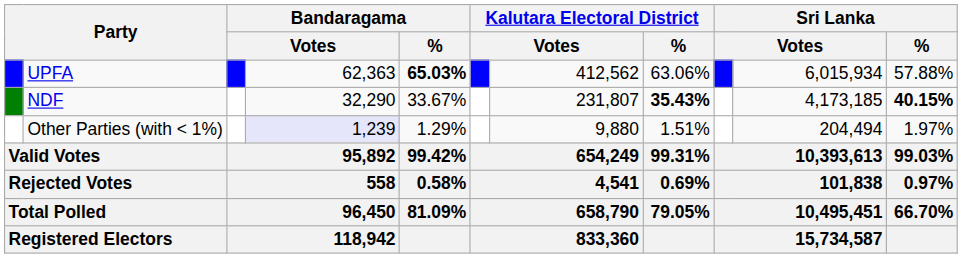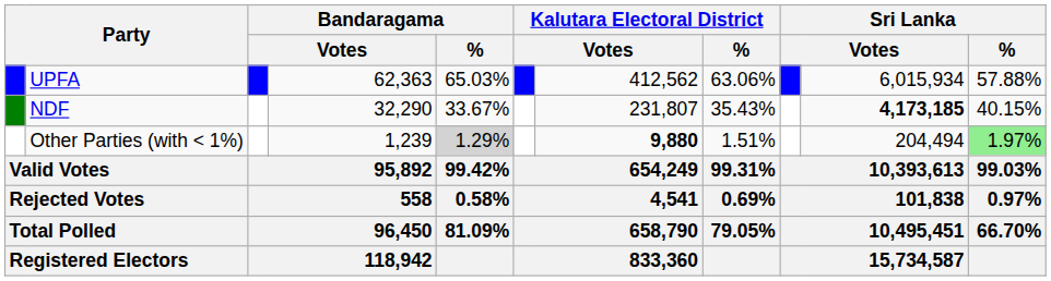 <table class="wikitable">
 <tr>
 <th colspan="2" width="144px"rowspan="2">Party</th>
 <th colspan="3" width="216px">Bandaragama</th>
 <th colspan="3" width="216px"><a href='#'>Kalutara Electoral District</a></th>
 <th colspan="3" width="216px">Sri Lanka</th>
 </tr>
 <tr>
 <th colspan="2" width="144px">Votes</th>
 <th>%</th>
 <th colspan="2" width="144px">Votes</th>
 <th>%</th>
 <th colspan="2" width="144px">Votes</th>
 <th>%</th>
 </tr>
 <tr>
 <td style="background-color:blue;" width="10px"></td>
 <td style="text-align:left;"><a href='#'>UPFA</a></td>
 <td style="background-color:blue;" width="10px"></td>
 <td style="text-align:right;">62,363</td>
-<td style="text-align:right;"><strong>65.03%</strong></td>
+<td style="text-align:right;">65.03%</td>
 <td style="background-color:blue;" width="10px"></td>
 <td style="text-align:right;">412,562</td>
 <td style="text-align:right;">63.06%</td>
 <td style="background-color:blue;" width="10px"></td>
 <td style="text-align:right;">6,015,934</td>
 <td style="text-align:right;">57.88%</td>
 </tr>
 <tr>
 <td style="background-color:green;" width="10px"></td>
 <td style="text-align:left;"><a href='#'>NDF</a></td>
 <td style="background-color:white;" width="10px"></td>
 <td style="text-align:right;">32,290</td>
 <td style="text-align:right;">33.67%</td>
 <td style="background-color:white;" width="10px"></td>
 <td style="text-align:right;">231,807</td>
-<td style="text-align:right;"><strong>35.43%</strong></td>
+<td style="text-align:right;">35.43%</td>
 <td style="background-color:white;" width="10px"></td>
-<td style="text-align:right;">4,173,185</td>
-<td style="text-align:right;"><strong>40.15%</strong></td>
+<td style="text-align:right;"><strong>4,173,185</strong></td>
+<td style="text-align:right;">40.15%</td>
 </tr>
 <tr>
 <td style="background-color:white;" width="10px"></td>
 <td style="text-align:left;">Other Parties (with < 1%)</td>
 <td style="background-color:white;" width="10px"></td>
-<td style="background: lavender; text-align:right;">1,239</td>
-<td style="text-align:right;">1.29%</td>
+<td style="text-align:right;">1,239</td>
+<td style="background: lightgrey; text-align:right;">1.29%</td>
 <td style="background-color:white;" width="10px"></td>
-<td style="text-align:right;">9,880</td>
+<td style="text-align:right;"><strong>9,880</strong></td>
 <td style="text-align:right;">1.51%</td>
 <td style="background-color:white;" width="10px"></td>
 <td style="text-align:right;">204,494</td>
-<td style="text-align:right;">1.97%</td>
+<td style="background: lightgreen; text-align:right;">1.97%</td>
 </tr>
 <tr>
 <th colspan="2" width="144px"style="text-align:left;">Valid Votes</th>
 <th style="text-align:right;"colspan="2" width="144px">95,892</th>
 <th style="text-align:right;">99.42%</th>
 <th style="text-align:right;"colspan="2" width="144px">654,249</th>
 <th style="text-align:right;">99.31%</th>
 <th style="text-align:right;"colspan="2" width="144px">10,393,613</th>
 <th style="text-align:right;">99.03%</th>
 </tr>
 <tr>
 <th colspan="2" width="144px"style="text-align:left;">Rejected Votes</th>
 <th style="text-align:right;"colspan="2" width="144px">558</th>
 <th style="text-align:right;">0.58%</th>
 <th style="text-align:right;"colspan="2" width="144px">4,541</th>
 <th style="text-align:right;">0.69%</th>
 <th style="text-align:right;"colspan="2" width="144px">101,838</th>
 <th style="text-align:right;">0.97%</th>
 </tr>
 <tr>
 <th colspan="2" width="144px"style="text-align:left;">Total Polled</th>
 <th style="text-align:right;"colspan="2" width="144px">96,450</th>
 <th style="text-align:right;">81.09%</th>
 <th style="text-align:right;"colspan="2" width="144px">658,790</th>
 <th style="text-align:right;">79.05%</th>
 <th style="text-align:right;"colspan="2" width="144px">10,495,451</th>
 <th style="text-align:right;">66.70%</th>
 </tr>
 <tr>
 <th colspan="2" width="144px"style="text-align:left;">Registered Electors</th>
 <th style="text-align:right;"colspan="2" width="144px">118,942</th>
 <th></th>
 <th style="text-align:right;"colspan="2" width="144px">833,360</th>
 <th></th>
 <th style="text-align:right;"colspan="2" width="144px">15,734,587</th>
 <th></th>
 </tr>
 </table>
